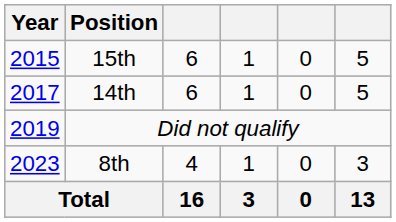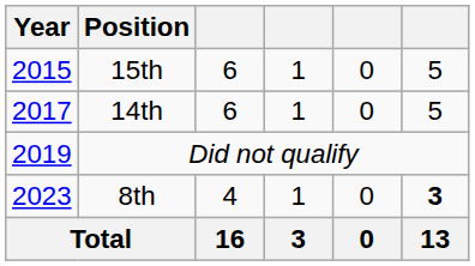 <table class="wikitable" style="text-align: center;font-size:90%;">
 <tr>
 <th>Year</th>
 <th>Position</th>
 <th width=30></th>
 <th width=30></th>
 <th width=30></th>
 <th width=30></th>
 </tr>
 <tr>
 <td> <a href='#'>2015</a></td>
 <td>15th</td>
 <td>6</td>
 <td>1</td>
 <td>0</td>
 <td>5</td>
 </tr>
 <tr>
 <td> <a href='#'>2017</a></td>
 <td>14th</td>
 <td>6</td>
 <td>1</td>
 <td>0</td>
 <td>5</td>
 </tr>
 <tr>
 <td> <a href='#'>2019</a></td>
 <td colspan=5><em>Did not qualify</em></td>
 </tr>
 <tr>
 <td> <a href='#'>2023</a></td>
 <td>8th</td>
 <td>4</td>
 <td>1</td>
 <td>0</td>
-<td>3</td>
+<td><strong>3</strong></td>
 </tr>
 <tr>
 <th colspan=2>Total</th>
 <th>16</th>
 <th>3</th>
 <th>0</th>
 <th>13</th>
 </tr>
 </table>
